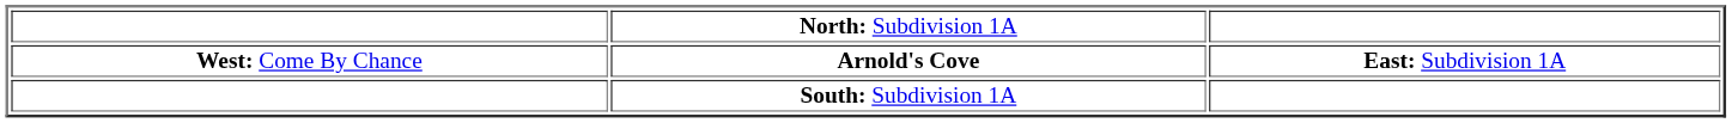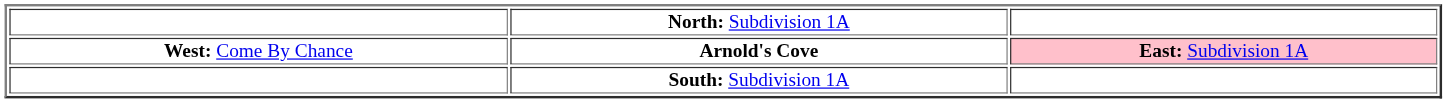 <table width ="75%" border ="2" align="center">
 <tr ---->
 <td width ="35%" align="center"></td>
 <td width ="30%" align="center"><strong>North:</strong> <a href='#'>Subdivision 1A</a></td>
 <td width ="35%" align="center"></td>
 </tr>
 <tr ---->
 <td width ="10%" align="center"><strong>West:</strong> <a href='#'>Come By Chance</a> <br></td>
 <td width ="35%" align="center"><strong>Arnold's Cove</strong><br></td>
-<td width ="30%" align="center"><strong>East:</strong> <a href='#'>Subdivision 1A</a></td>
+<td width ="30%" align="center" style="background: pink;"><strong>East:</strong> <a href='#'>Subdivision 1A</a></td>
 </tr>
 <tr ---->
 <td width ="35%" align="center"></td>
 <td width ="30%" align="center"><strong>South:</strong> <a href='#'>Subdivision 1A</a></td>
 <td width ="35%" align="center"></td>
 </tr>
 </table>
